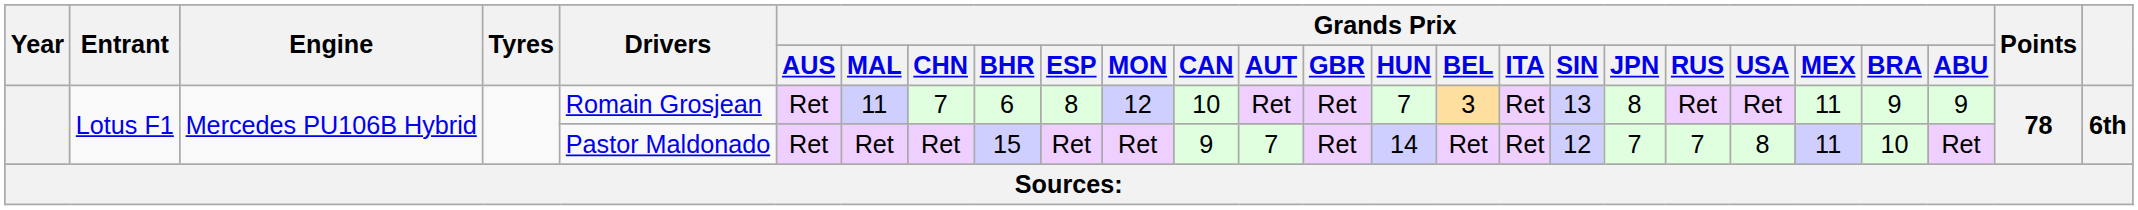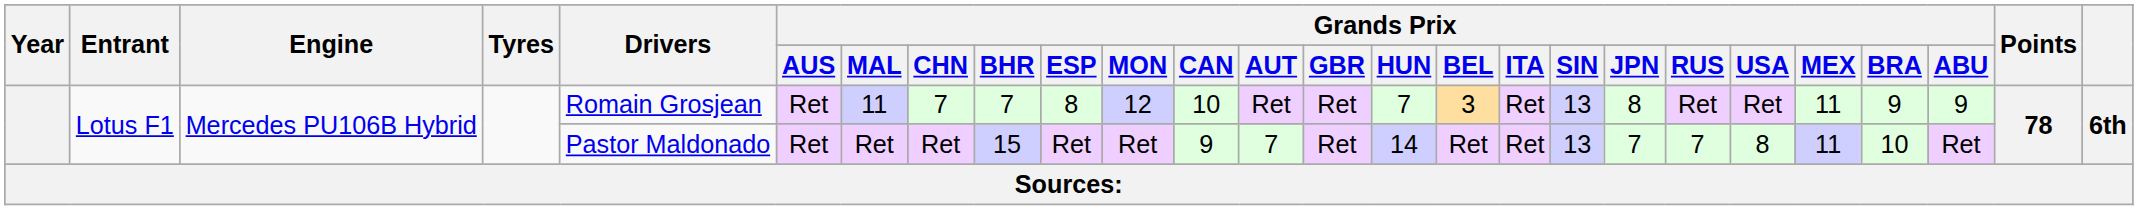 <table class="wikitable" style="text-align:center; font-size:90%">
 <tr>
 <th rowspan="2">Year</th>
 <th rowspan="2">Entrant</th>
 <th rowspan="2">Engine</th>
 <th rowspan="2">Tyres</th>
 <th rowspan="2">Drivers</th>
 <th colspan="19">Grands Prix</th>
 <th rowspan="2">Points</th>
 <th rowspan="2"></th>
 </tr>
 <tr>
 <th><a href='#'>AUS</a></th>
 <th><a href='#'>MAL</a></th>
 <th><a href='#'>CHN</a></th>
 <th><a href='#'>BHR</a></th>
 <th><a href='#'>ESP</a></th>
 <th><a href='#'>MON</a></th>
 <th><a href='#'>CAN</a></th>
 <th><a href='#'>AUT</a></th>
 <th><a href='#'>GBR</a></th>
 <th><a href='#'>HUN</a></th>
 <th><a href='#'>BEL</a></th>
 <th><a href='#'>ITA</a></th>
 <th><a href='#'>SIN</a></th>
 <th><a href='#'>JPN</a></th>
 <th><a href='#'>RUS</a></th>
 <th><a href='#'>USA</a></th>
 <th><a href='#'>MEX</a></th>
 <th><a href='#'>BRA</a></th>
 <th><a href='#'>ABU</a></th>
 </tr>
 <tr>
 <th rowspan="2"></th>
 <td rowspan="2"><a href='#'>Lotus F1</a></td>
 <td rowspan="2"><a href='#'>Mercedes PU106B Hybrid</a></td>
 <td rowspan="2"></td>
 <td align="left"> <a href='#'>Romain Grosjean</a></td>
 <td style="background-color:#EFCFFF">Ret</td>
 <td style="background-color:#CFCFFF">11</td>
 <td style="background-color:#DFFFDF">7</td>
-<td style="background-color:#DFFFDF">6</td>
+<td style="background-color:#DFFFDF">7</td>
 <td style="background-color:#DFFFDF">8</td>
 <td style="background-color:#CFCFFF">12</td>
 <td style="background-color:#DFFFDF">10</td>
 <td style="background-color:#EFCFFF">Ret</td>
 <td style="background-color:#EFCFFF">Ret</td>
 <td style="background-color:#DFFFDF">7</td>
 <td style="background-color:#ffdf9f">3</td>
 <td style="background-color:#EFCFFF">Ret</td>
 <td style="background-color:#CFCFFF">13</td>
 <td style="background-color:#DFFFDF">8</td>
 <td style="background-color:#EFCFFF">Ret</td>
 <td style="background-color:#EFCFFF">Ret</td>
 <td style="background-color:#DFFFDF">11</td>
 <td style="background-color:#DFFFDF">9</td>
 <td style="background-color:#DFFFDF">9</td>
 <th rowspan="2">78</th>
 <th rowspan="2">6th</th>
 </tr>
 <tr>
 <td align="left"> <a href='#'>Pastor Maldonado</a></td>
 <td style="background-color:#EFCFFF">Ret</td>
 <td style="background-color:#EFCFFF">Ret</td>
 <td style="background-color:#EFCFFF">Ret</td>
 <td style="background-color:#CFCFFF">15</td>
 <td style="background-color:#EFCFFF">Ret</td>
 <td style="background-color:#EFCFFF">Ret</td>
 <td style="background-color:#DFFFDF">9</td>
 <td style="background-color:#DFFFDF">7</td>
 <td style="background-color:#EFCFFF">Ret</td>
 <td style="background-color:#CFCFFF">14</td>
 <td style="background-color:#EFCFFF">Ret</td>
 <td style="background-color:#EFCFFF">Ret</td>
-<td style="background-color:#CFCFFF">12</td>
+<td style="background-color:#CFCFFF">13</td>
 <td style="background-color:#DFFFDF">7</td>
 <td style="background-color:#DFFFDF">7</td>
 <td style="background-color:#DFFFDF">8</td>
 <td style="background-color:#CFCFFF">11</td>
 <td style="background-color:#DFFFDF">10</td>
 <td style="background-color:#EFCFFF">Ret</td>
 </tr>
 <tr>
 <th colspan="26">Sources:</th>
 </tr>
 </table>
